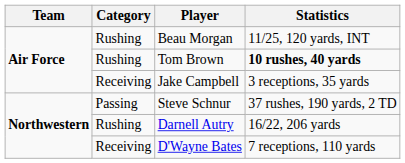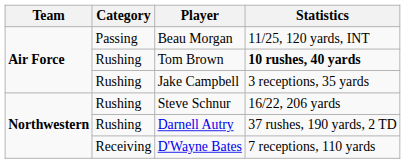 <table class="wikitable" style="float: right;">
 <tr>
 <th>Team</th>
 <th>Category</th>
 <th>Player</th>
 <th>Statistics</th>
 </tr>
 <tr>
 <td rowspan=3><strong>Air Force</strong></td>
-<td>Rushing</td>
+<td>Passing</td>
 <td>Beau Morgan</td>
 <td>11/25, 120 yards, INT</td>
 </tr>
 <tr>
 <td>Rushing</td>
 <td>Tom Brown</td>
 <td><strong>10 rushes, 40 yards</strong></td>
 </tr>
 <tr>
-<td>Receiving</td>
+<td>Rushing</td>
 <td>Jake Campbell</td>
 <td>3 receptions, 35 yards</td>
 </tr>
 <tr>
 <td rowspan=3><strong>Northwestern</strong></td>
-<td>Passing</td>
+<td>Rushing</td>
 <td>Steve Schnur</td>
-<td>37 rushes, 190 yards, 2 TD</td>
+<td>16/22, 206 yards</td>
 </tr>
 <tr>
 <td>Rushing</td>
 <td><a href='#'>Darnell Autry</a></td>
-<td>16/22, 206 yards</td>
+<td>37 rushes, 190 yards, 2 TD</td>
 </tr>
 <tr>
 <td>Receiving</td>
 <td><a href='#'>D'Wayne Bates</a></td>
 <td>7 receptions, 110 yards</td>
 </tr>
 </table>
